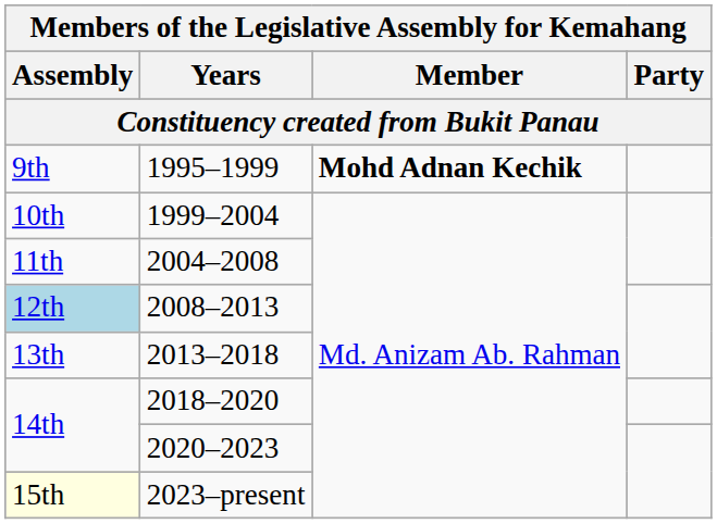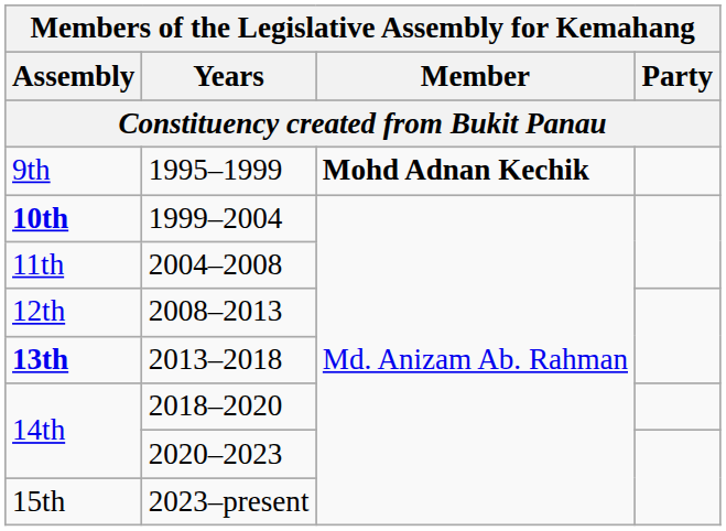 <table class="wikitable">
 <tr>
 <th colspan="4">Members of the Legislative Assembly for Kemahang</th>
 </tr>
 <tr>
 <th>Assembly</th>
 <th>Years</th>
 <th>Member</th>
 <th>Party</th>
 </tr>
 <tr>
 <th colspan="4" align="center"><em>Constituency created from Bukit Panau</em></th>
 </tr>
 <tr>
 <td><a href='#'>9th</a></td>
 <td>1995–1999</td>
 <td><strong>Mohd Adnan Kechik</strong></td>
 <td></td>
 </tr>
 <tr>
-<td><a href='#'>10th</a></td>
+<td><strong><a href='#'>10th</a></strong></td>
 <td>1999–2004</td>
 <td rowspan="7"><a href='#'>Md. Anizam Ab. Rahman</a></td>
 <td rowspan="2"></td>
 </tr>
 <tr>
 <td><a href='#'>11th</a></td>
 <td>2004–2008</td>
 </tr>
 <tr>
-<td style="background: lightblue;"><a href='#'>12th</a></td>
+<td><a href='#'>12th</a></td>
 <td>2008–2013</td>
 <td rowspan=2></td>
 </tr>
 <tr>
-<td><a href='#'>13th</a></td>
+<td><strong><a href='#'>13th</a></strong></td>
 <td>2013–2018</td>
 </tr>
 <tr>
 <td rowspan="2"><a href='#'>14th</a></td>
 <td>2018–2020</td>
 <td></td>
 </tr>
 <tr>
 <td>2020–2023</td>
 <td rowspan="2"></td>
 </tr>
 <tr>
-<td style="background: lightyellow;">15th</td>
+<td>15th</td>
 <td>2023–present</td>
 </tr>
 </table>
